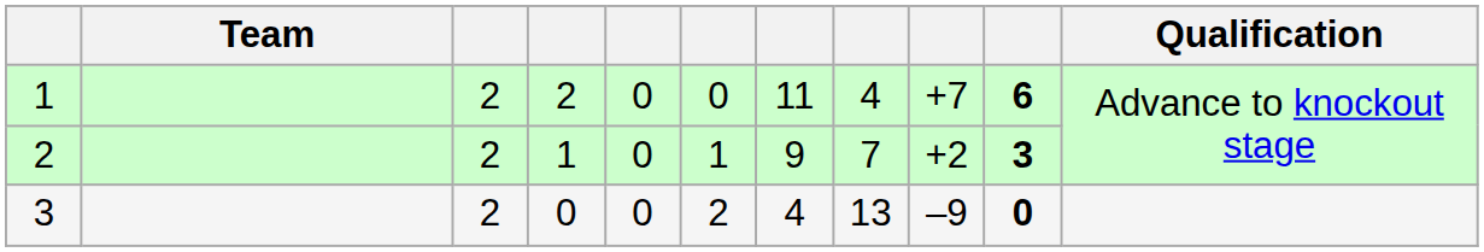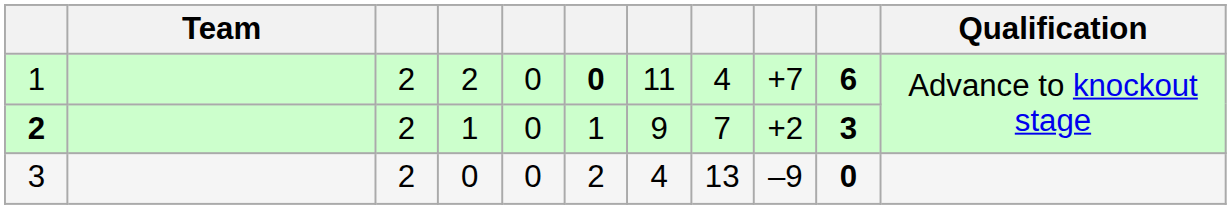 <table class="wikitable" style="text-align: center;">
 <tr>
 <th width="25"></th>
 <th width="150">Team</th>
 <th width="25"></th>
 <th width="25"></th>
 <th width="25"></th>
 <th width="25"></th>
 <th width="25"></th>
 <th width="25"></th>
 <th width="25"></th>
 <th width="25"></th>
 <th width="170">Qualification</th>
 </tr>
 <tr align=center style="background:#ccffcc;">
 <td>1</td>
 <td style="text-align:left;"></td>
 <td>2</td>
 <td>2</td>
 <td>0</td>
-<td>0</td>
+<td><strong>0</strong></td>
 <td>11</td>
 <td>4</td>
 <td>+7</td>
 <td><strong>6</strong></td>
 <td rowspan="2">Advance to <a href='#'>knockout stage</a></td>
 </tr>
 <tr align=center style="background:#ccffcc;">
-<td>2</td>
+<td><strong>2</strong></td>
 <td style="text-align:left;"></td>
 <td>2</td>
 <td>1</td>
 <td>0</td>
 <td>1</td>
 <td>9</td>
 <td>7</td>
 <td>+2</td>
 <td><strong>3</strong></td>
 </tr>
 <tr align=center style="background:#f5f5f5;">
 <td>3</td>
 <td style="text-align:left;"></td>
 <td>2</td>
 <td>0</td>
 <td>0</td>
 <td>2</td>
 <td>4</td>
 <td>13</td>
 <td>–9</td>
 <td><strong>0</strong></td>
 <td></td>
 </tr>
 </table>
